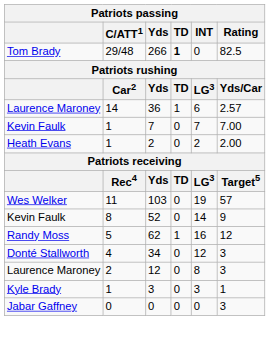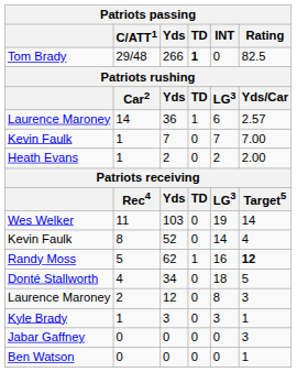 <table class="wikitable" style="display:inline-table;">
 <tr>
 <th colspan="6">Patriots passing</th>
 </tr>
 <tr>
 <th></th>
 <th>C/ATT<sup>1</sup></th>
 <th>Yds</th>
 <th>TD</th>
 <th>INT</th>
 <th>Rating</th>
 </tr>
 <tr>
 <td><a href='#'>Tom Brady</a></td>
 <td>29/48</td>
 <td>266</td>
 <td><strong>1</strong></td>
 <td>0</td>
 <td>82.5</td>
 </tr>
 <tr>
 <th colspan="6">Patriots rushing</th>
 </tr>
 <tr>
 <th></th>
 <th>Car<sup>2</sup></th>
 <th>Yds</th>
 <th>TD</th>
 <th>LG<sup>3</sup></th>
 <th>Yds/Car</th>
 </tr>
 <tr>
 <td><a href='#'>Laurence Maroney</a></td>
 <td>14</td>
 <td>36</td>
 <td>1</td>
 <td>6</td>
 <td>2.57</td>
 </tr>
 <tr>
 <td><a href='#'>Kevin Faulk</a></td>
 <td>1</td>
 <td>7</td>
 <td>0</td>
 <td>7</td>
 <td>7.00</td>
 </tr>
 <tr>
 <td><a href='#'>Heath Evans</a></td>
 <td>1</td>
 <td>2</td>
 <td>0</td>
 <td>2</td>
 <td>2.00</td>
 </tr>
 <tr>
 <th colspan="6">Patriots receiving</th>
 </tr>
 <tr>
 <th></th>
 <th>Rec<sup>4</sup></th>
 <th>Yds</th>
 <th>TD</th>
 <th>LG<sup>3</sup></th>
 <th>Target<sup>5</sup></th>
 </tr>
 <tr>
 <td><a href='#'>Wes Welker</a></td>
 <td>11</td>
 <td>103</td>
 <td>0</td>
 <td>19</td>
-<td>57</td>
+<td>14</td>
 </tr>
 <tr>
 <td>Kevin Faulk</td>
 <td>8</td>
 <td>52</td>
 <td>0</td>
 <td>14</td>
-<td>9</td>
+<td>4</td>
 </tr>
 <tr>
 <td><a href='#'>Randy Moss</a></td>
 <td>5</td>
 <td>62</td>
 <td>1</td>
 <td>16</td>
-<td>12</td>
+<td><strong>12</strong></td>
 </tr>
 <tr>
 <td><a href='#'>Donté Stallworth</a></td>
 <td>4</td>
 <td>34</td>
 <td>0</td>
-<td>12</td>
-<td>3</td>
+<td>18</td>
+<td>5</td>
 </tr>
 <tr>
 <td>Laurence Maroney</td>
 <td>2</td>
 <td>12</td>
 <td>0</td>
 <td>8</td>
 <td>3</td>
 </tr>
 <tr>
 <td><a href='#'>Kyle Brady</a></td>
 <td>1</td>
 <td>3</td>
 <td>0</td>
 <td>3</td>
 <td>1</td>
 </tr>
 <tr>
 <td><a href='#'>Jabar Gaffney</a></td>
 <td>0</td>
 <td>0</td>
 <td>0</td>
 <td>0</td>
 <td>3</td>
 </tr>
+<tr>
+<td><a href='#'>Ben Watson</a></td>
+<td>0</td>
+<td>0</td>
+<td>0</td>
+<td>0</td>
+<td>1</td>
+</tr>
 </table>
